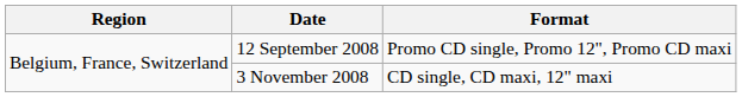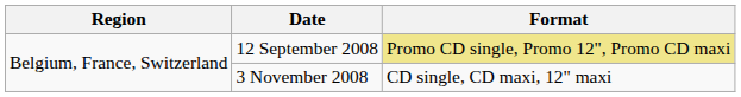 <table class="wikitable">
 <tr>
 <th>Region</th>
 <th>Date</th>
 <th>Format</th>
 </tr>
 <tr>
 <td rowspan=2>Belgium, France, Switzerland</td>
 <td>12 September 2008</td>
-<td align=center>Promo CD single, Promo 12", Promo CD maxi</td>
+<td align=center style="background: khaki;">Promo CD single, Promo 12", Promo CD maxi</td>
 </tr>
 <tr>
 <td>3 November 2008</td>
 <td>CD single, CD maxi, 12" maxi</td>
 </tr>
 </table>
